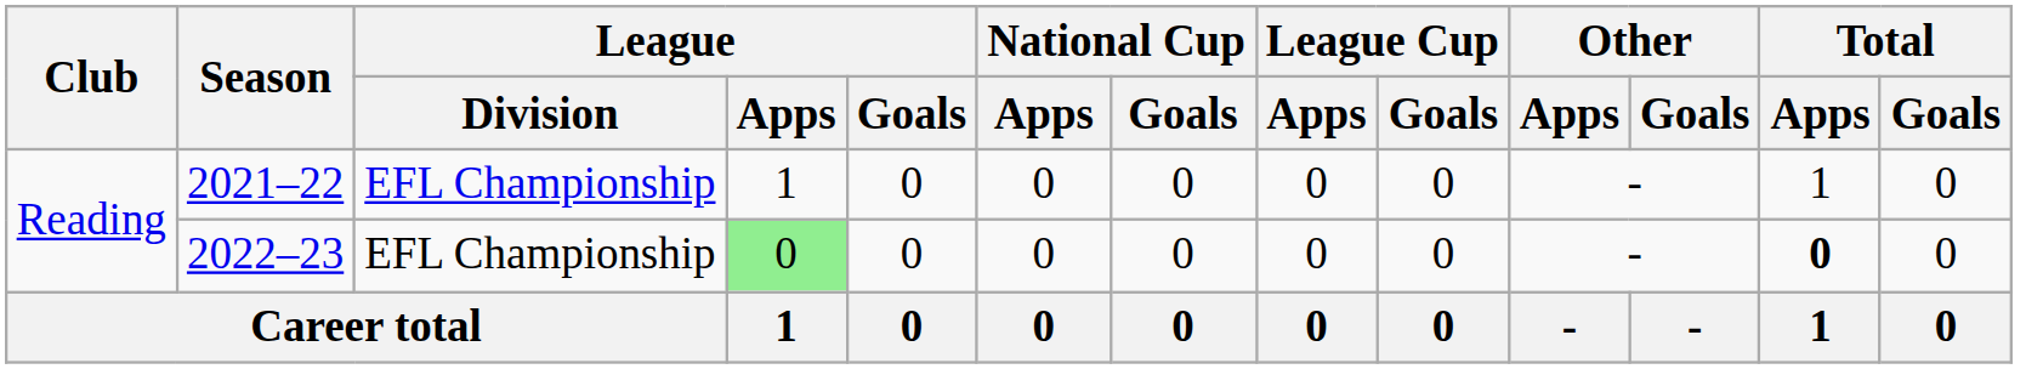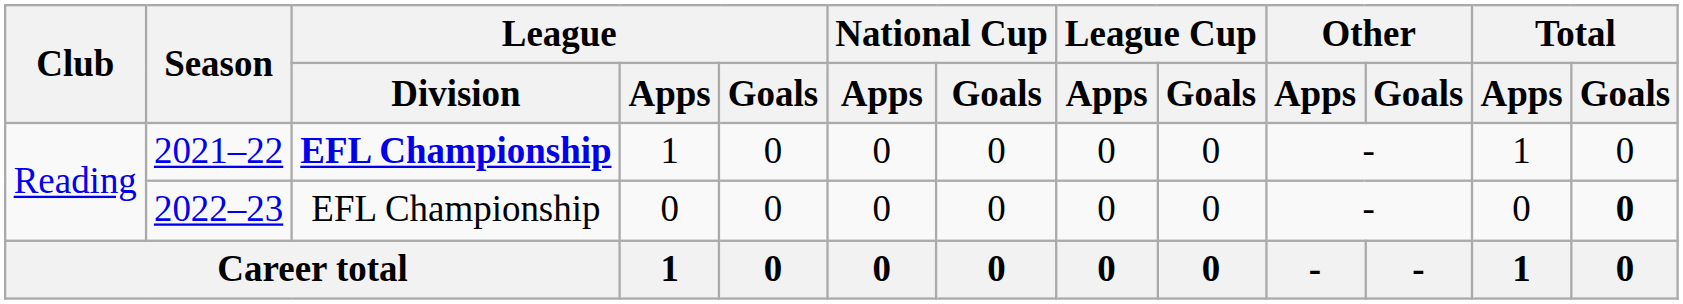 <table class="wikitable" style="text-align: center">
 <tr>
 <th rowspan="2">Club</th>
 <th rowspan="2">Season</th>
 <th colspan="3">League</th>
 <th colspan="2">National Cup</th>
 <th colspan="2">League Cup</th>
 <th colspan="2">Other</th>
 <th colspan="2">Total</th>
 </tr>
 <tr>
 <th>Division</th>
 <th>Apps</th>
 <th>Goals</th>
 <th>Apps</th>
 <th>Goals</th>
 <th>Apps</th>
 <th>Goals</th>
 <th>Apps</th>
 <th>Goals</th>
 <th>Apps</th>
 <th>Goals</th>
 </tr>
 <tr>
 <td rowspan="2"><a href='#'>Reading</a></td>
 <td><a href='#'>2021–22</a></td>
-<td><a href='#'>EFL Championship</a></td>
+<td><strong><a href='#'>EFL Championship</a></strong></td>
 <td>1</td>
 <td>0</td>
 <td>0</td>
 <td>0</td>
 <td>0</td>
 <td>0</td>
 <td colspan="2">-</td>
 <td>1</td>
 <td>0</td>
 </tr>
 <tr>
 <td><a href='#'>2022–23</a></td>
 <td>EFL Championship</td>
-<td style="background: lightgreen;">0</td>
+<td>0</td>
 <td>0</td>
 <td>0</td>
 <td>0</td>
 <td>0</td>
 <td>0</td>
 <td colspan="2">-</td>
+<td>0</td>
 <td><strong>0</strong></td>
-<td>0</td>
 </tr>
 <tr>
 <th colspan="3">Career total</th>
 <th>1</th>
 <th>0</th>
 <th>0</th>
 <th>0</th>
 <th>0</th>
 <th>0</th>
 <th>-</th>
 <th>-</th>
 <th>1</th>
 <th>0</th>
 </tr>
 </table>
